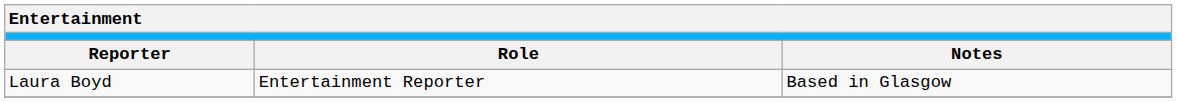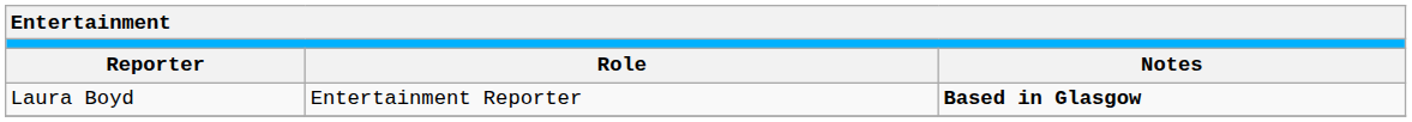 <table class="wikitable collapsible collapsed" style="width:70%;">
 <tr>
 <th colspan="3" style="text-align:left;">Entertainment</th>
 </tr>
 <tr style="background:#00B1FF;">
 <td colspan="3"></td>
 </tr>
 <tr>
 <th>Reporter</th>
 <th>Role</th>
 <th>Notes</th>
 </tr>
 <tr>
 <td>Laura Boyd</td>
 <td>Entertainment Reporter</td>
-<td>Based in Glasgow</td>
+<td><strong>Based in Glasgow</strong></td>
 </tr>
 <tr>
 </tr>
 </table>
